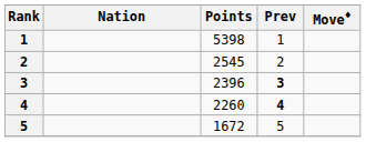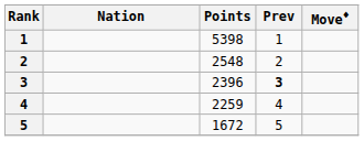 <table class="wikitable sortable">
 <tr>
 </tr>
 <tr>
 <th width=30>Rank</th>
 <th width=150>Nation</th>
 <th width=50>Points</th>
 <th width=40>Prev</th>
 <th width=50>Move<sup>♦</sup></th>
 </tr>
 <tr style="text-align:center;">
 <th scope="row">1</th>
 <td style="text-align:left;"></td>
 <td>5398</td>
 <td>1</td>
 <td></td>
 </tr>
 <tr style="text-align:center;">
 <th scope="row">2</th>
 <td style="text-align:left;"></td>
-<td>2545</td>
+<td>2548</td>
 <td>2</td>
 <td></td>
 </tr>
 <tr style="text-align:center;">
 <th scope="row">3</th>
 <td style="text-align:left;"></td>
 <td>2396</td>
 <td><strong>3</strong></td>
 <td></td>
 </tr>
 <tr style="text-align:center;">
 <th scope="row">4</th>
 <td style="text-align:left;"></td>
-<td>2260</td>
-<td><strong>4</strong></td>
+<td>2259</td>
+<td>4</td>
 <td></td>
 </tr>
 <tr style="text-align:center;">
 <th scope="row">5</th>
 <td style="text-align:left;"></td>
 <td>1672</td>
 <td>5</td>
 <td></td>
 </tr>
 <tr style="text-align:center;">
 </tr>
 </table>
